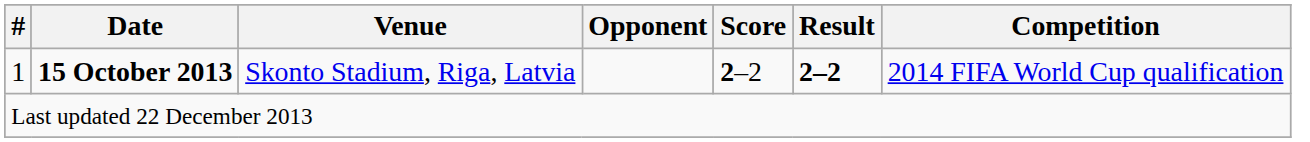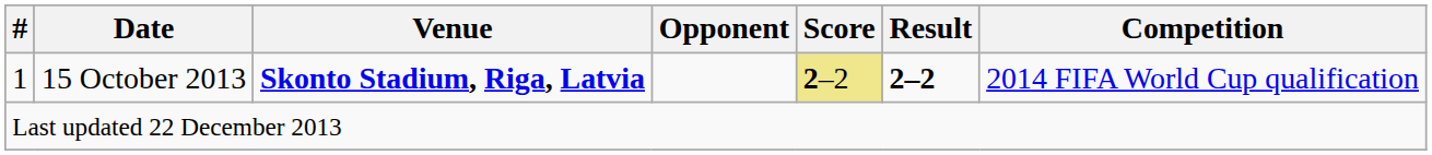 <table class="wikitable">
 <tr>
 <th>#</th>
 <th>Date</th>
 <th>Venue</th>
 <th>Opponent</th>
 <th>Score</th>
 <th>Result</th>
 <th>Competition</th>
 </tr>
 <tr>
 <td>1</td>
-<td><strong>15 October 2013</strong></td>
-<td><a href='#'>Skonto Stadium</a>, <a href='#'>Riga</a>, <a href='#'>Latvia</a></td>
+<td>15 October 2013</td>
+<td><strong><a href='#'>Skonto Stadium</a>, <a href='#'>Riga</a>, <a href='#'>Latvia</a></strong></td>
 <td></td>
-<td><strong>2</strong>–2</td>
+<td style="background: khaki;"><strong>2</strong>–2</td>
 <td><strong>2–2</strong></td>
 <td><a href='#'>2014 FIFA World Cup qualification</a></td>
 </tr>
 <tr>
 <td colspan="12"><small>Last updated 22 December 2013</small></td>
 </tr>
 </table>
